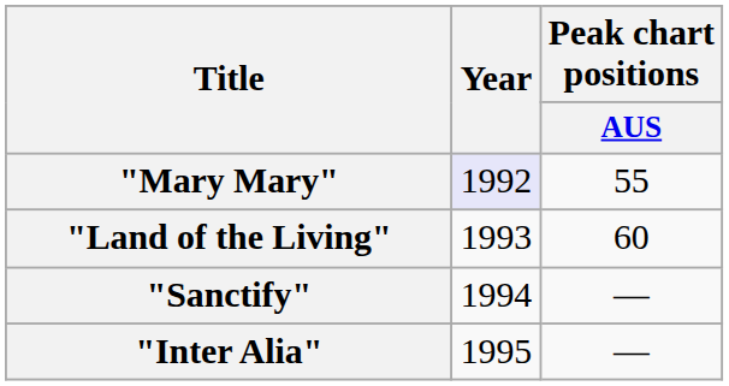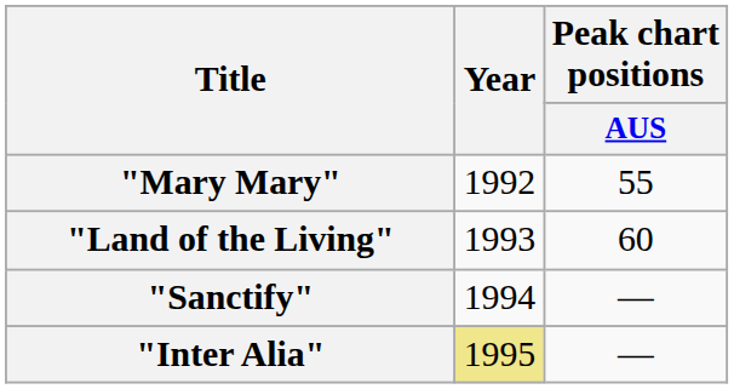 <table class="wikitable plainrowheaders" style="text-align:center;" border="1">
 <tr>
 <th scope="col" rowspan="2" style="width:12em;">Title</th>
 <th scope="col" rowspan="2">Year</th>
 <th scope="col" colspan="1">Peak chart<br>positions</th>
 </tr>
 <tr>
 <th scope="col" style="font-size:85%"><a href='#'>AUS</a><br></th>
 </tr>
 <tr>
 <th scope="row">"Mary Mary"</th>
-<td style="background: lavender;">1992</td>
+<td>1992</td>
 <td style="text-align:center;">55</td>
 </tr>
 <tr>
 <th scope="row">"Land of the Living"</th>
 <td>1993</td>
 <td style="text-align:center;">60</td>
 </tr>
 <tr>
 <th scope="row">"Sanctify"</th>
 <td>1994</td>
 <td style="text-align:center;">—</td>
 </tr>
 <tr>
 <th scope="row">"Inter Alia"</th>
-<td>1995</td>
+<td style="background: khaki;">1995</td>
 <td style="text-align:center;">—</td>
 </tr>
 </table>
